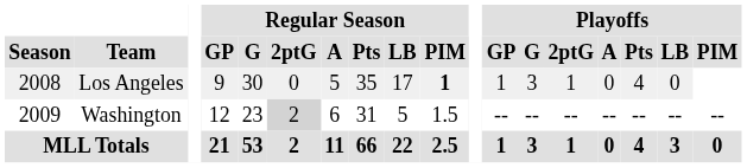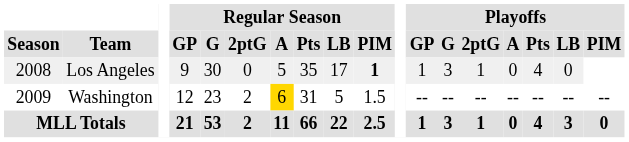 <table BORDER="0" CELLPADDING="3" CELLSPACING="0">
 <tr ALIGN="center" bgcolor="#e0e0e0">
 <th colspan="2" bgcolor="#ffffff"> </th>
 <th rowspan="99" bgcolor="#ffffff"> </th>
 <th colspan="7">Regular Season</th>
 <th rowspan="99" bgcolor="#ffffff"> </th>
 <th colspan="7">Playoffs</th>
 </tr>
 <tr ALIGN="center" bgcolor="#e0e0e0">
 <th>Season</th>
 <th>Team</th>
 <th>GP</th>
 <th>G</th>
 <th>2ptG</th>
 <th>A</th>
 <th>Pts</th>
 <th>LB</th>
 <th>PIM</th>
 <th>GP</th>
 <th>G</th>
 <th>2ptG</th>
 <th>A</th>
 <th>Pts</th>
 <th>LB</th>
 <th>PIM</th>
 </tr>
 <tr ALIGN="center" bgcolor="#f0f0f0">
 <td>2008</td>
 <td>Los Angeles</td>
 <td>9</td>
 <td>30</td>
 <td>0</td>
 <td>5</td>
 <td>35</td>
 <td>17</td>
 <td><strong>1</strong></td>
 <td>1</td>
 <td>3</td>
 <td>1</td>
 <td>0</td>
 <td>4</td>
 <td 3>0</td>
 </tr>
 <tr ALIGN="center">
 <td>2009</td>
 <td>Washington</td>
 <td>12</td>
 <td>23</td>
-<td style="background: lightgrey;">2</td>
-<td>6</td>
+<td>2</td>
+<td style="background: gold;">6</td>
 <td>31</td>
 <td>5</td>
 <td>1.5</td>
 <td>--</td>
 <td>--</td>
 <td>--</td>
 <td>--</td>
 <td>--</td>
 <td>--</td>
 <td>--</td>
 </tr>
 <tr ALIGN="center" bgcolor="#e0e0e0">
 <th colspan="2">MLL Totals</th>
 <th>21</th>
 <th>53</th>
 <th>2</th>
 <th>11</th>
 <th>66</th>
 <th>22</th>
 <th>2.5</th>
 <th>1</th>
 <th>3</th>
 <th>1</th>
 <th>0</th>
 <th>4</th>
 <th>3</th>
 <th>0</th>
 </tr>
 </table>
